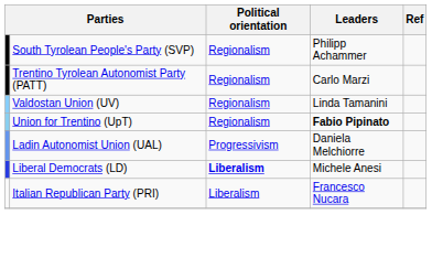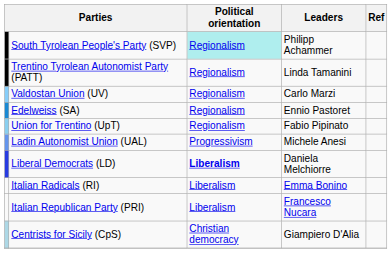 <table class="wikitable">
 <tr>
 <th colspan=2>Parties</th>
 <th>Political orientation</th>
 <th>Leaders</th>
 <th>Ref</th>
 </tr>
 <tr>
 <td style="background-color:#000000"></td>
 <td><a href='#'>South Tyrolean People's Party</a> (SVP)</td>
-<td><a href='#'>Regionalism</a></td>
+<td style="background: paleturquoise;"><a href='#'>Regionalism</a></td>
 <td>Philipp Achammer</td>
 <td></td>
 </tr>
 <tr>
 <td style="background-color:black"></td>
 <td><a href='#'>Trentino Tyrolean Autonomist Party</a> (PATT)</td>
 <td><a href='#'>Regionalism</a></td>
-<td>Carlo Marzi</td>
+<td>Linda Tamanini</td>
 <td></td>
 </tr>
 <tr>
 <td style="background-color:#87CEFA"></td>
 <td><a href='#'>Valdostan Union</a> (UV)</td>
 <td><a href='#'>Regionalism</a></td>
-<td>Linda Tamanini</td>
+<td>Carlo Marzi</td>
+<td></td>
+</tr>
+<tr>
+<td style="background-color:#1989D4"></td>
+<td><a href='#'>Edelweiss</a> (SA)</td>
+<td><a href='#'>Regionalism</a></td>
+<td>Ennio Pastoret</td>
 <td></td>
 </tr>
 <tr>
 <td style="background-color:#89CFF0"></td>
 <td><a href='#'>Union for Trentino</a> (UpT)</td>
 <td><a href='#'>Regionalism</a></td>
-<td><strong>Fabio Pipinato</strong></td>
+<td>Fabio Pipinato</td>
 <td></td>
 </tr>
 <tr>
 <td style="background-color:#6495ED"></td>
 <td><a href='#'>Ladin Autonomist Union</a> (UAL)</td>
 <td><a href='#'>Progressivism</a></td>
-<td>Daniela Melchiorre</td>
+<td>Michele Anesi</td>
 <td></td>
 </tr>
 <tr>
 <td style="background-color:#273BE2"></td>
 <td><a href='#'>Liberal Democrats</a> (LD)</td>
 <td><strong><a href='#'>Liberalism</a></strong></td>
-<td>Michele Anesi</td>
+<td>Daniela Melchiorre</td>
+<td></td>
+</tr>
+<tr>
+<td style="background-color: "></td>
+<td><a href='#'>Italian Radicals</a> (RI)</td>
+<td><a href='#'>Liberalism</a></td>
+<td><a href='#'>Emma Bonino</a></td>
 <td></td>
 </tr>
 <tr>
 <td style="background-color: "></td>
 <td><a href='#'>Italian Republican Party</a> (PRI)</td>
 <td><a href='#'>Liberalism</a></td>
 <td><a href='#'>Francesco Nucara</a></td>
 <td></td>
 </tr>
 <tr>
+<td style="background-color:lightblue"></td>
+<td><a href='#'>Centrists for Sicily</a> (CpS)</td>
+<td><a href='#'>Christian democracy</a></td>
+<td>Giampiero D'Alia</td>
+<td></td>
+</tr>
+<tr>
 </tr>
 </table>
